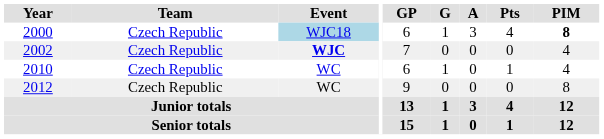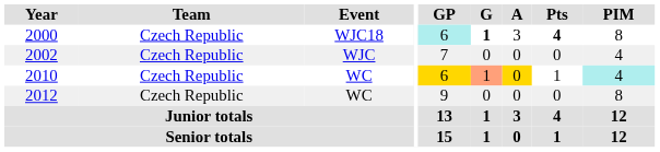 <table border="0" cellpadding="1" cellspacing="0" ID="Table3" style="text-align:center; width:40em">
 <tr bgcolor="#e0e0e0">
 <th>Year</th>
 <th>Team</th>
 <th>Event</th>
 <th rowspan="102" bgcolor="#ffffff"></th>
 <th>GP</th>
 <th>G</th>
 <th>A</th>
 <th>Pts</th>
 <th>PIM</th>
 </tr>
 <tr>
 <td><a href='#'>2000</a></td>
 <td><a href='#'>Czech Republic</a></td>
-<td style="background: lightblue;"><a href='#'>WJC18</a></td>
-<td>6</td>
-<td>1</td>
+<td><a href='#'>WJC18</a></td>
+<td style="background: paleturquoise;">6</td>
+<td><strong>1</strong></td>
 <td>3</td>
-<td>4</td>
-<td><strong>8</strong></td>
+<td><strong>4</strong></td>
+<td>8</td>
 </tr>
 <tr bgcolor="#f0f0f0">
 <td><a href='#'>2002</a></td>
 <td><a href='#'>Czech Republic</a></td>
-<td><strong><a href='#'>WJC</a></strong></td>
+<td><a href='#'>WJC</a></td>
 <td>7</td>
 <td>0</td>
 <td>0</td>
 <td>0</td>
 <td>4</td>
 </tr>
 <tr>
 <td><a href='#'>2010</a></td>
 <td><a href='#'>Czech Republic</a></td>
 <td><a href='#'>WC</a></td>
-<td>6</td>
+<td style="background: gold;">6</td>
+<td style="background: lightsalmon;">1</td>
+<td style="background: gold;">0</td>
 <td>1</td>
-<td>0</td>
-<td>1</td>
-<td>4</td>
+<td style="background: paleturquoise;">4</td>
 </tr>
 <tr bgcolor="#f0f0f0">
 <td><a href='#'>2012</a></td>
 <td>Czech Republic</td>
 <td>WC</td>
 <td>9</td>
 <td>0</td>
 <td>0</td>
 <td>0</td>
 <td>8</td>
 </tr>
 <tr bgcolor="#e0e0e0">
 <th colspan="3">Junior totals</th>
 <th>13</th>
 <th>1</th>
 <th>3</th>
 <th>4</th>
 <th>12</th>
 </tr>
 <tr bgcolor="#e0e0e0">
 <th colspan="3">Senior totals</th>
 <th>15</th>
 <th>1</th>
 <th>0</th>
 <th>1</th>
 <th>12</th>
 </tr>
 </table>
